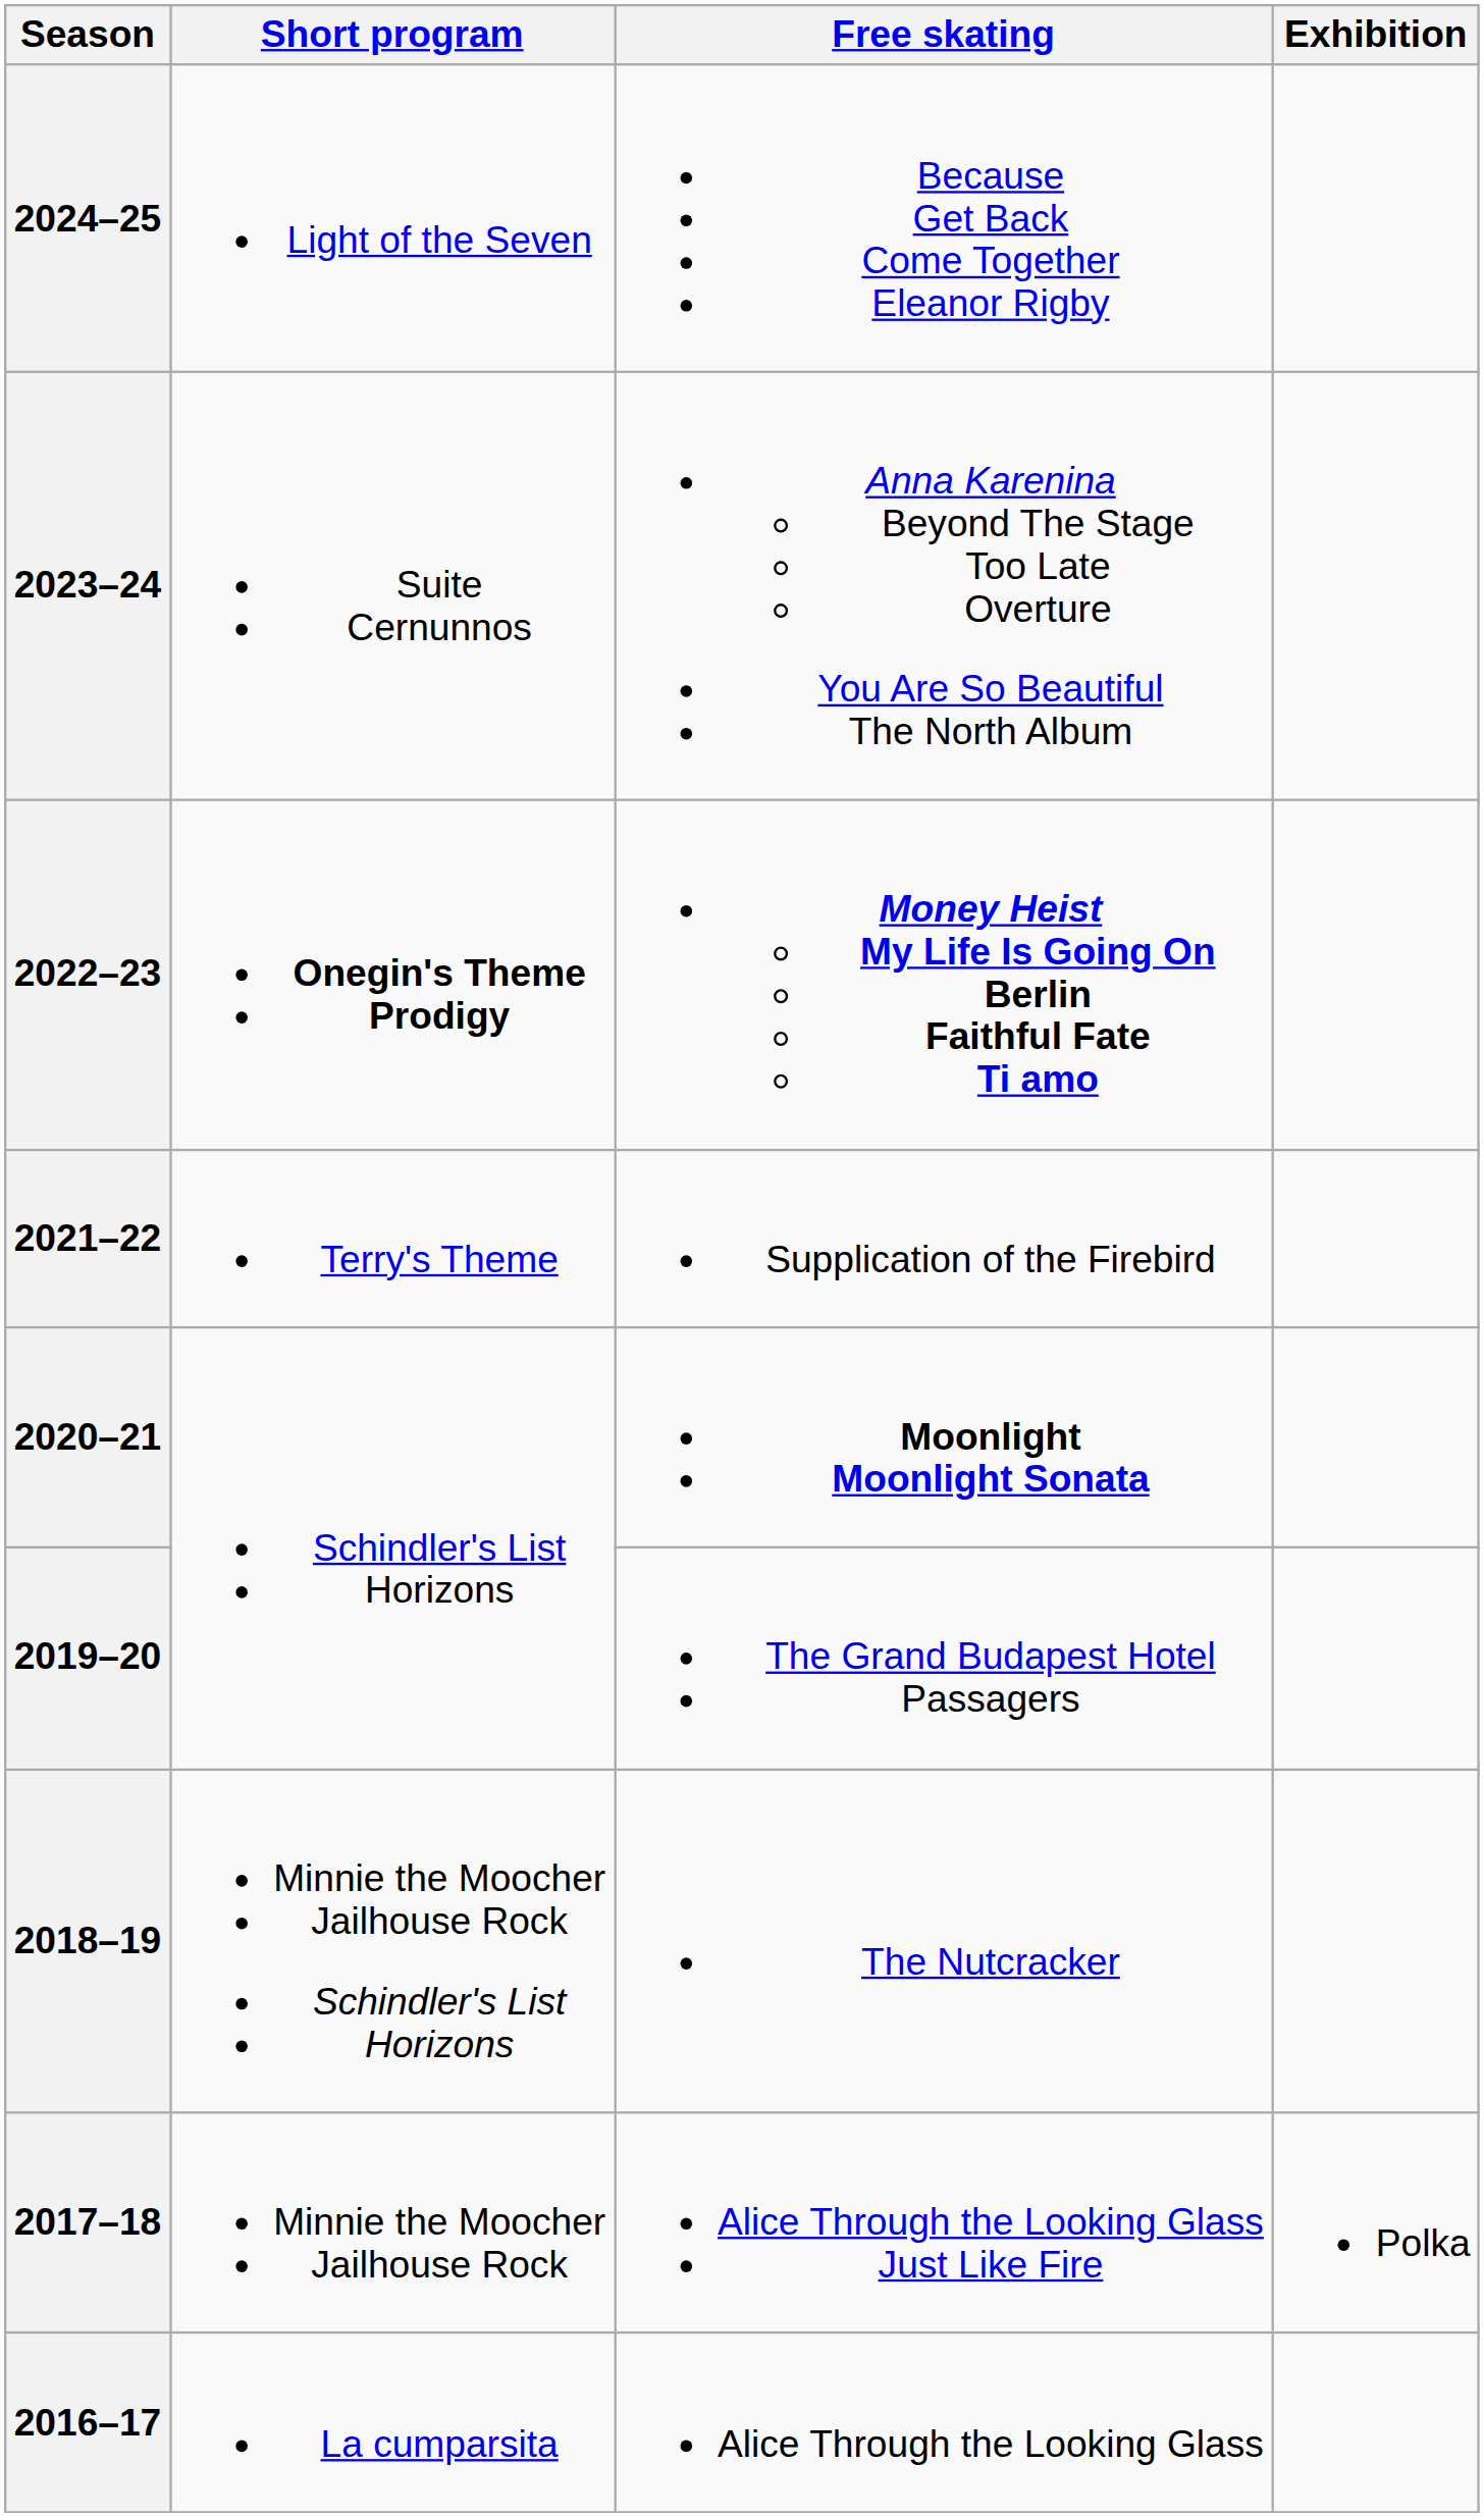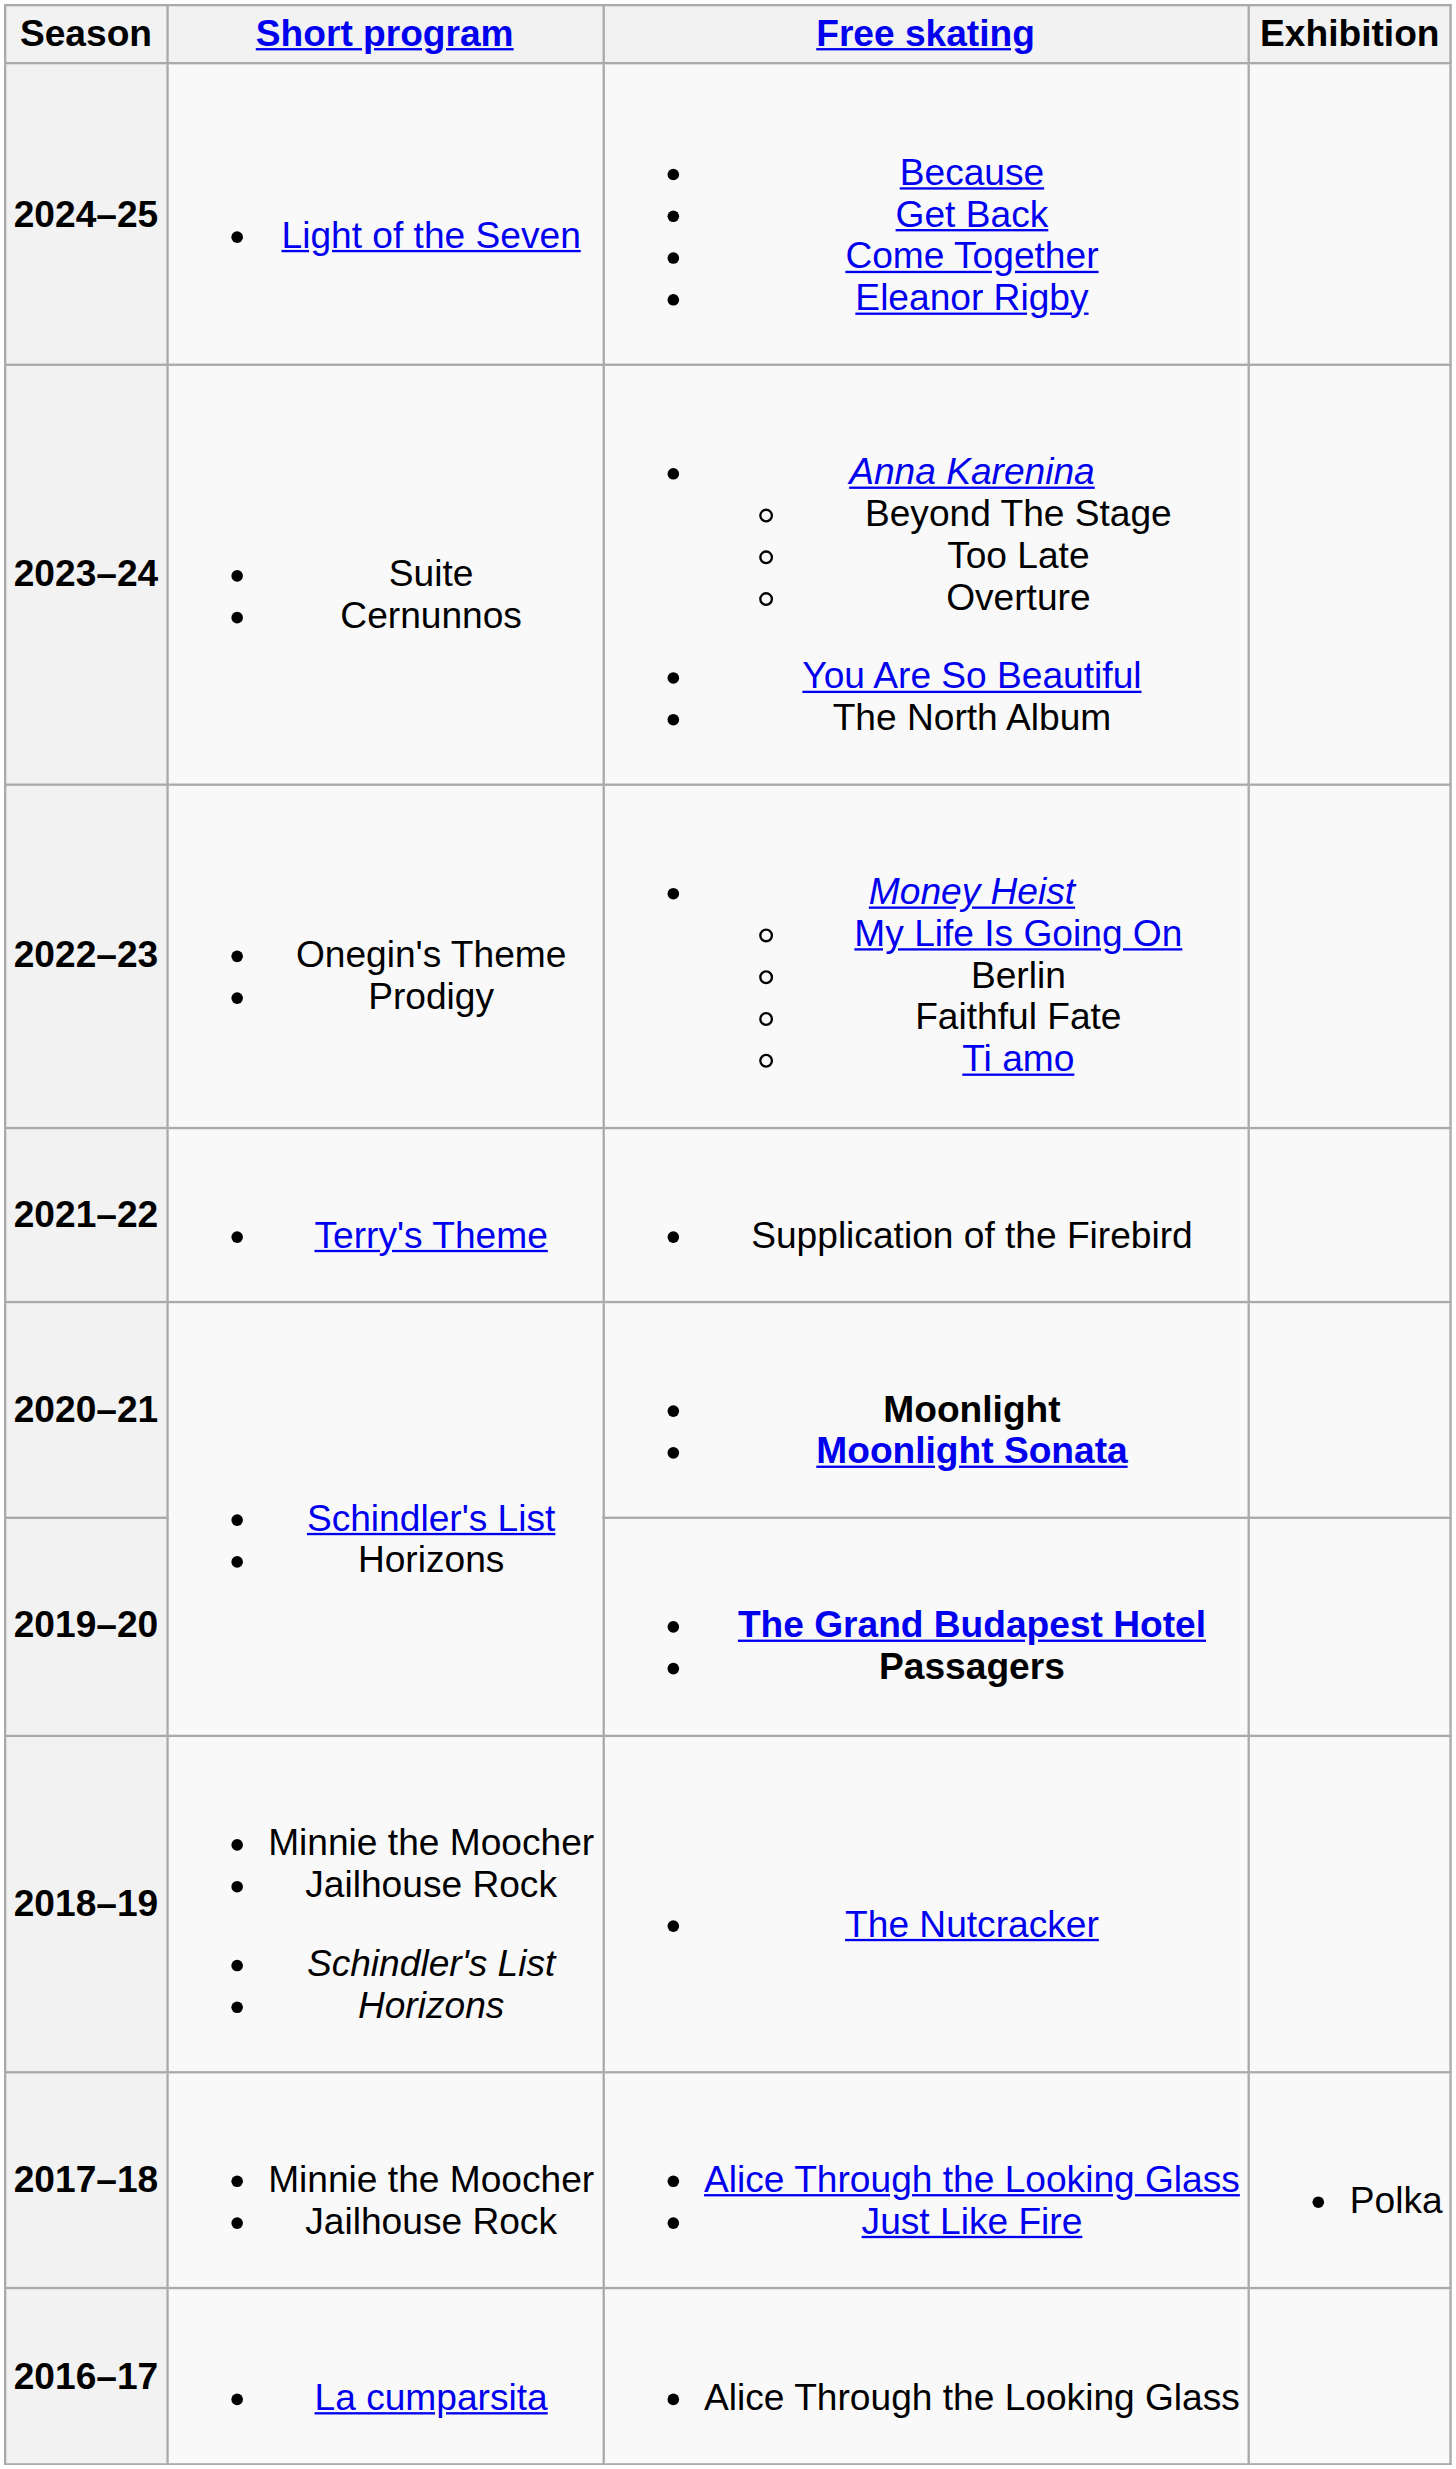 <table class=wikitable style=text-align:center>
 <tr>
 <th>Season</th>
 <th><a href='#'>Short program</a></th>
 <th><a href='#'>Free skating</a></th>
 <th>Exhibition</th>
 </tr>
 <tr>
 <th>2024–25 <br> </th>
 <td><br><ul><li><a href='#'>Light of the Seven</a> <br></li></ul></td>
 <td><br><ul><li><a href='#'>Because</a></li><li><a href='#'>Get Back</a></li><li><a href='#'>Come Together</a> <br> </li><li><a href='#'>Eleanor Rigby</a> <br></li></ul></td>
 <td></td>
 </tr>
 <tr>
 <th>2023–24 <br> </th>
 <td><br><ul><li>Suite <br></li><li>Cernunnos <br></li></ul></td>
 <td><br><ul><li><em><a href='#'>Anna Karenina</a></em><ul><li>Beyond The Stage</li><li>Too Late</li><li>Overture <br></li></ul></li></ul><ul><li><a href='#'>You Are So Beautiful</a> <br></li><li>The North Album <br></li></ul></td>
 <td></td>
 </tr>
 <tr>
 <th>2022–23 <br> </th>
-<td><strong><br><ul><li>Onegin's Theme <br></li><li>Prodigy <br></li></ul></strong></td>
-<td><strong><br><ul><li><em><a href='#'>Money Heist</a></em><ul><li><a href='#'>My Life Is Going On</a> <br></li><li>Berlin <br></li><li>Faithful Fate <br></li><li><a href='#'>Ti amo</a> <br></li></ul></li></ul></strong></td>
+<td><br><ul><li>Onegin's Theme <br></li><li>Prodigy <br></li></ul></td>
+<td><br><ul><li><em><a href='#'>Money Heist</a></em><ul><li><a href='#'>My Life Is Going On</a> <br></li><li>Berlin <br></li><li>Faithful Fate <br></li><li><a href='#'>Ti amo</a> <br></li></ul></li></ul></td>
 </tr>
 <tr>
 <th>2021–22 <br> </th>
 <td><br><ul><li><a href='#'>Terry's Theme</a> <br></li></ul></td>
 <td><br><ul><li>Supplication of the Firebird <br></li></ul></td>
 <td></td>
 </tr>
 <tr>
 <th>2020–21 <br> </th>
 <td rowspan=2><br><ul><li><a href='#'>Schindler's List</a> <br></li><li>Horizons <br></li></ul></td>
 <td><strong><br><ul><li>Moonlight <br></li><li><a href='#'>Moonlight Sonata</a> <br></li></ul></strong></td>
 </tr>
 <tr>
 <th>2019–20 <br> </th>
-<td><br><ul><li><a href='#'>The Grand Budapest Hotel</a> <br></li><li>Passagers <br></li></ul></td>
+<td><strong><br><ul><li><a href='#'>The Grand Budapest Hotel</a> <br></li><li>Passagers <br></li></ul></strong></td>
 <td></td>
 </tr>
 <tr>
 <th>2018–19 <br> </th>
 <td><br><ul><li>Minnie the Moocher <br></li><li>Jailhouse Rock <br></li></ul><ul><li><em>Schindler's List</em></li><li><em>Horizons</em></li></ul></td>
 <td><br><ul><li><a href='#'>The Nutcracker</a> <br></li></ul></td>
 <td></td>
 </tr>
 <tr>
 <th>2017–18 <br> </th>
 <td><br><ul><li>Minnie the Moocher <br></li><li>Jailhouse Rock <br></li></ul></td>
 <td><br><ul><li><a href='#'>Alice Through the Looking Glass</a> <br></li><li><a href='#'>Just Like Fire</a> <br></li></ul></td>
 <td><br><ul><li>Polka <br></li></ul></td>
 </tr>
 <tr>
 <th>2016–17 <br> </th>
 <td><br><ul><li><a href='#'>La cumparsita</a> <br></li></ul></td>
 <td><br><ul><li>Alice Through the Looking Glass <br></li></ul></td>
 <td></td>
 </tr>
 </table>
